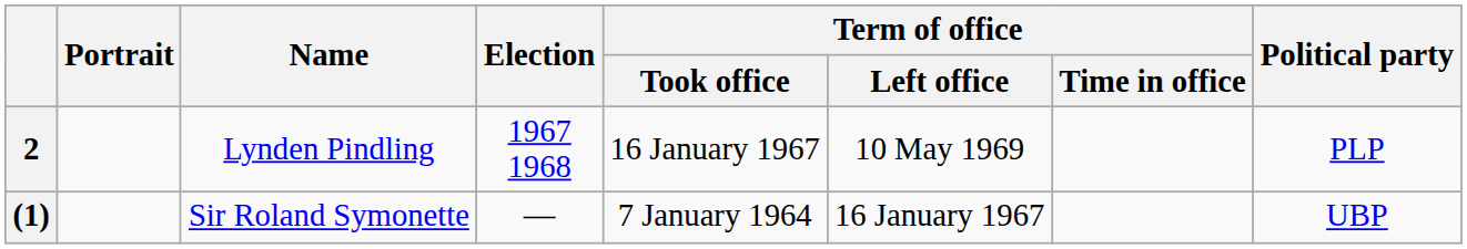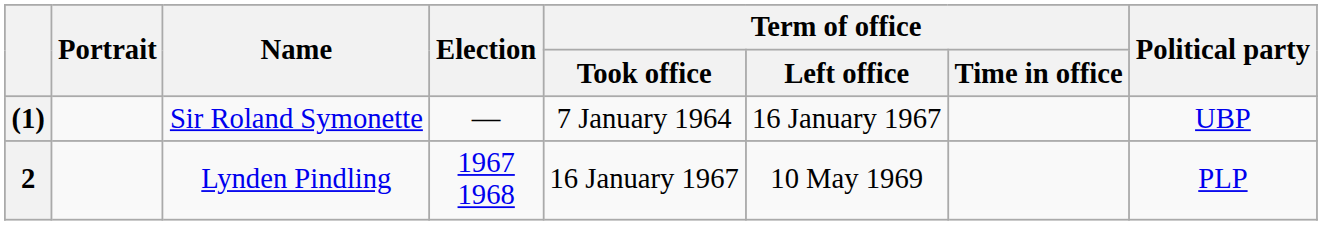 <table class=wikitable style=text-align:center>
 <tr>
 <th rowspan=2></th>
 <th rowspan=2>Portrait</th>
 <th rowspan=2>Name<br></th>
 <th rowspan=2>Election</th>
 <th colspan=3>Term of office</th>
 <th rowspan=2>Political party</th>
 </tr>
 <tr>
 <th>Took office</th>
 <th>Left office</th>
 <th>Time in office</th>
 </tr>
 <tr>
+<th style="background:">(1)</th>
+<td></td>
+<td><a href='#'>Sir Roland Symonette</a><br></td>
+<td>—</td>
+<td>7 January 1964</td>
+<td>16 January 1967</td>
+<td></td>
+<td><a href='#'>UBP</a></td>
+</tr>
+<tr>
 <th style="background:">2</th>
 <td></td>
 <td><a href='#'>Lynden Pindling</a><br></td>
 <td><a href='#'>1967</a><br><a href='#'>1968</a></td>
 <td>16 January 1967</td>
 <td>10 May 1969</td>
 <td></td>
 <td><a href='#'>PLP</a></td>
 </tr>
-<tr>
-<th style="background:">(1)</th>
-<td></td>
-<td><a href='#'>Sir Roland Symonette</a><br></td>
-<td>—</td>
-<td>7 January 1964</td>
-<td>16 January 1967</td>
-<td></td>
-<td><a href='#'>UBP</a></td>
-</tr>
 </table>
